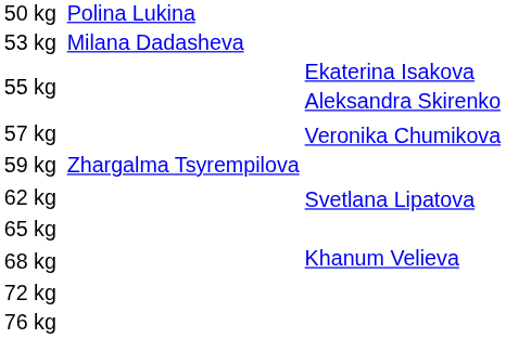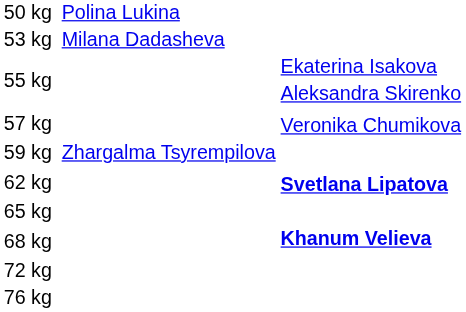 <table>
 <tr>
 <td rowspan=2>50 kg<br></td>
 <td rowspan=2></td>
 <td rowspan=2><a href='#'>Polina Lukina</a><br></td>
 <td></td>
 </tr>
 <tr>
 <td></td>
 </tr>
 <tr>
 <td rowspan=2>53 kg<br></td>
 <td rowspan=2></td>
 <td rowspan=2><a href='#'>Milana Dadasheva</a><br></td>
 <td></td>
 </tr>
 <tr>
 <td></td>
 </tr>
 <tr>
 <td rowspan=2>55 kg<br></td>
 <td rowspan=2></td>
 <td rowspan=2></td>
 <td><a href='#'>Ekaterina Isakova</a><br></td>
 </tr>
 <tr>
 <td><a href='#'>Aleksandra Skirenko</a><br></td>
 </tr>
 <tr>
 <td rowspan=2>57 kg<br></td>
 <td rowspan=2></td>
 <td rowspan=2></td>
 <td></td>
 </tr>
 <tr>
 <td><a href='#'>Veronika Chumikova</a><br></td>
 </tr>
 <tr>
 <td rowspan=2>59 kg<br></td>
 <td rowspan=2></td>
 <td rowspan=2><a href='#'>Zhargalma Tsyrempilova</a><br></td>
 <td></td>
 </tr>
 <tr>
 <td></td>
 </tr>
 <tr>
 <td rowspan=2>62 kg<br></td>
 <td rowspan=2></td>
 <td rowspan=2></td>
 <td></td>
 </tr>
 <tr>
-<td><a href='#'>Svetlana Lipatova</a><br></td>
+<td><strong><a href='#'>Svetlana Lipatova</a><br></strong></td>
 </tr>
 <tr>
 <td rowspan=2>65 kg<br></td>
 <td rowspan=2></td>
 <td rowspan=2></td>
 <td></td>
 </tr>
 <tr>
 <td></td>
 </tr>
 <tr>
 <td rowspan=2>68 kg<br></td>
 <td rowspan=2></td>
 <td rowspan=2></td>
-<td><a href='#'>Khanum Velieva</a><br></td>
+<td><strong><a href='#'>Khanum Velieva</a><br></strong></td>
 </tr>
 <tr>
 <td></td>
 </tr>
 <tr>
 <td rowspan=2>72 kg<br></td>
 <td rowspan=2></td>
 <td rowspan=2></td>
 <td></td>
 </tr>
 <tr>
 <td></td>
 </tr>
 <tr>
 <td rowspan=2>76 kg<br></td>
 <td rowspan=2></td>
 <td rowspan=2></td>
 <td></td>
 </tr>
 <tr>
 <td></td>
 </tr>
 </table>
